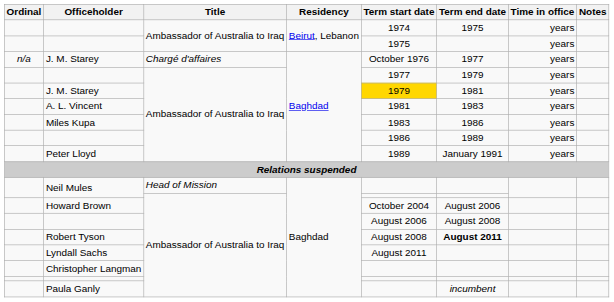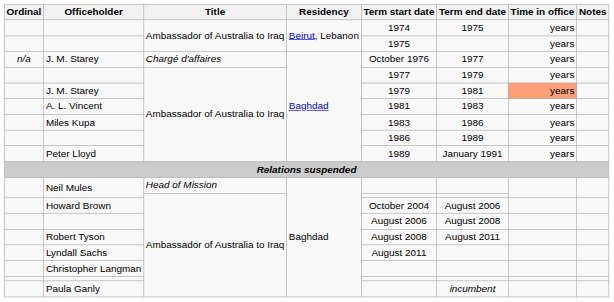 <table class='wikitable sortable'>
 <tr>
 <th>Ordinal</th>
 <th>Officeholder</th>
 <th>Title</th>
 <th>Residency</th>
 <th>Term start date</th>
 <th>Term end date</th>
 <th>Time in office</th>
 <th>Notes</th>
 </tr>
 <tr>
 <td align=center></td>
 <td></td>
 <td rowspan=2>Ambassador of Australia to Iraq</td>
 <td rowspan=2><a href='#'>Beirut</a>, Lebanon</td>
 <td align=center>1974</td>
 <td align=center>1975</td>
 <td align=right> years</td>
 <td></td>
 </tr>
 <tr>
 <td align=center></td>
 <td></td>
 <td align=center>1975</td>
 <td align=center></td>
 <td align=right> years</td>
 <td></td>
 </tr>
 <tr>
 <td align=center><em>n/a</em></td>
 <td>J. M. Starey</td>
 <td><em>Chargé d'affaires</em></td>
 <td rowspan=7><a href='#'>Baghdad</a></td>
 <td align=center>October 1976</td>
 <td align=center>1977</td>
 <td align=right> years</td>
 <td></td>
 </tr>
 <tr>
 <td align=center></td>
 <td></td>
 <td rowspan=6>Ambassador of Australia to Iraq</td>
 <td align=center>1977</td>
 <td align=center>1979</td>
 <td align=right> years</td>
 <td></td>
 </tr>
 <tr>
 <td align=center></td>
 <td>J. M. Starey</td>
-<td align=center style="background: gold;">1979</td>
+<td align=center>1979</td>
 <td align=center>1981</td>
-<td align=right> years</td>
+<td align=right style="background: lightsalmon;"> years</td>
 <td></td>
 </tr>
 <tr>
 <td align=center></td>
 <td>A. L. Vincent</td>
 <td align=center>1981</td>
 <td align=center>1983</td>
 <td align=right> years</td>
 <td></td>
 </tr>
 <tr>
 <td align=center></td>
 <td>Miles Kupa</td>
 <td align=center>1983</td>
 <td align=center>1986</td>
 <td align=right> years</td>
 <td></td>
 </tr>
 <tr>
 <td align=center></td>
 <td></td>
 <td align=center>1986</td>
 <td align=center>1989</td>
 <td align=right> years</td>
 <td></td>
 </tr>
 <tr>
 <td align=center></td>
 <td>Peter Lloyd</td>
 <td align=center>1989</td>
 <td align=center>January 1991</td>
 <td align=right> years</td>
 <td></td>
 </tr>
 <tr>
 <th colspan=8 style="background: #cccccc;"><em>Relations suspended</em></th>
 </tr>
 <tr>
 <td rowspan=2 align=center></td>
 <td rowspan=2>Neil Mules</td>
 <td><em>Head of Mission</em></td>
 <td rowspan=9>Baghdad</td>
 <td align=center></td>
 <td align=center></td>
 <td rowspan=2 align=right></td>
 <td rowspan=2></td>
 </tr>
 <tr>
 <td rowspan=8>Ambassador of Australia to Iraq</td>
 <td align=center></td>
 <td align=center></td>
 </tr>
 <tr>
 <td align=center></td>
 <td>Howard Brown</td>
 <td align=center>October 2004</td>
 <td align=center>August 2006</td>
 <td align=right></td>
 <td></td>
 </tr>
 <tr>
 <td align=center></td>
 <td></td>
 <td align=center>August 2006</td>
 <td align=center>August 2008</td>
 <td align=right></td>
 <td></td>
 </tr>
 <tr>
 <td align=center></td>
 <td>Robert Tyson</td>
 <td align=center>August 2008</td>
-<td align=center><strong>August 2011</strong></td>
+<td align=center>August 2011</td>
 <td align=right></td>
 <td></td>
 </tr>
 <tr>
 <td align=center></td>
 <td>Lyndall Sachs</td>
 <td align=center>August 2011</td>
 <td align=center></td>
 <td align=right><strong> </strong></td>
 <td></td>
 </tr>
 <tr>
 <td align=center></td>
 <td>Christopher Langman</td>
 <td align=center></td>
 <td align=center></td>
 <td align=right></td>
 <td></td>
 </tr>
 <tr>
 <td align=center></td>
 <td></td>
 <td align=center></td>
 <td align=center></td>
 <td align=right></td>
 <td></td>
 </tr>
 <tr>
 <td align=center></td>
 <td>Paula Ganly</td>
 <td align=center></td>
 <td align=center><em>incumbent</em></td>
 <td align=right></td>
 <td></td>
 </tr>
 </table>
